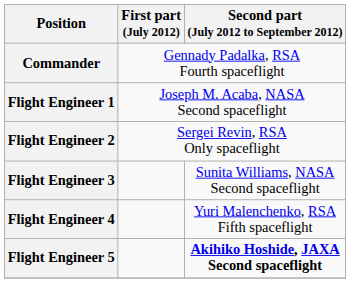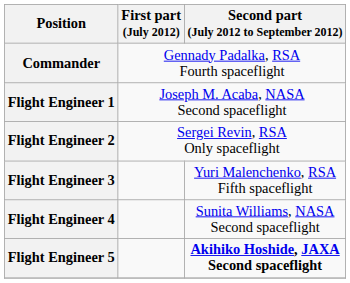 <table class="wikitable">
 <tr>
 <th>Position</th>
 <th>First part<br><small>(July 2012)</small></th>
 <th>Second part<br><small>(July 2012 to September 2012)</small></th>
 </tr>
 <tr>
 <th>Commander</th>
 <td colspan=2 align=center> <a href='#'>Gennady Padalka</a>, <a href='#'>RSA</a><br>Fourth spaceflight</td>
 </tr>
 <tr>
 <th>Flight Engineer 1</th>
 <td colspan=2 align=center> <a href='#'>Joseph M. Acaba</a>, <a href='#'>NASA</a><br>Second spaceflight</td>
 </tr>
 <tr>
 <th>Flight Engineer 2</th>
 <td colspan=2 align=center> <a href='#'>Sergei Revin</a>, <a href='#'>RSA</a><br>Only spaceflight</td>
 </tr>
 <tr>
 <th>Flight Engineer 3</th>
 <td></td>
-<td align=center> <a href='#'>Sunita Williams</a>, <a href='#'>NASA</a><br>Second spaceflight</td>
+<td align=center> <a href='#'>Yuri Malenchenko</a>, <a href='#'>RSA</a><br>Fifth spaceflight</td>
 </tr>
 <tr>
 <th>Flight Engineer 4</th>
 <td></td>
-<td align=center> <a href='#'>Yuri Malenchenko</a>, <a href='#'>RSA</a><br>Fifth spaceflight</td>
+<td align=center> <a href='#'>Sunita Williams</a>, <a href='#'>NASA</a><br>Second spaceflight</td>
 </tr>
 <tr>
 <th>Flight Engineer 5</th>
 <td></td>
 <td align=center><strong> <a href='#'>Akihiko Hoshide</a>, <a href='#'>JAXA</a><br>Second spaceflight</strong></td>
 </tr>
 <tr>
 </tr>
 </table>
